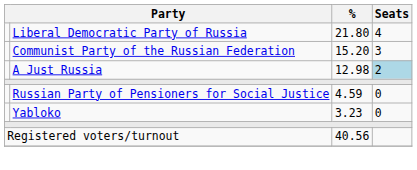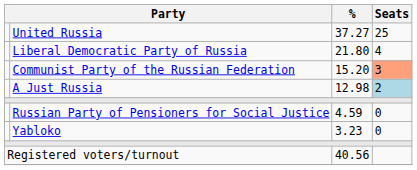 <table class="wikitable">
 <tr>
 <th colspan=2>Party</th>
 <th>%</th>
 <th>Seats</th>
+</tr>
+<tr>
+<td style="background:"></td>
+<td><a href='#'>United Russia</a></td>
+<td>37.27</td>
+<td>25</td>
 </tr>
 <tr>
 <td style="background:"></td>
 <td><a href='#'>Liberal Democratic Party of Russia</a></td>
 <td>21.80</td>
 <td>4</td>
 </tr>
 <tr>
 <td style="background:"></td>
 <td><a href='#'>Communist Party of the Russian Federation</a></td>
 <td>15.20</td>
-<td>3</td>
+<td style="background: lightsalmon;">3</td>
 </tr>
 <tr>
 <td style="background:"></td>
 <td><a href='#'>A Just Russia</a></td>
 <td>12.98</td>
 <td style="background: lightblue;">2</td>
 </tr>
 <tr>
 <td colspan=4 style="background:#E9E9E9;"></td>
 </tr>
 <tr>
 <td style="background:"></td>
 <td><a href='#'>Russian Party of Pensioners for Social Justice</a></td>
 <td>4.59</td>
 <td>0</td>
 </tr>
 <tr>
 <td style="background:"></td>
 <td><a href='#'>Yabloko</a></td>
 <td>3.23</td>
 <td>0</td>
 </tr>
 <tr>
 <td colspan=4 style="background:#E9E9E9;"></td>
 </tr>
 <tr>
 <td align=left colspan=2>Registered voters/turnout</td>
 <td>40.56</td>
 <td></td>
 </tr>
 <tr>
 </tr>
 </table>
